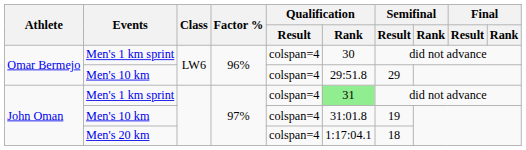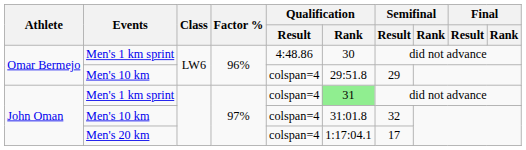 <table class="wikitable" style="font-size:90%">
 <tr>
 <th rowspan=2>Athlete</th>
 <th rowspan=2>Events</th>
 <th rowspan=2>Class</th>
 <th rowspan=2>Factor %</th>
 <th colspan=2>Qualification</th>
 <th colspan=2>Semifinal</th>
 <th colspan=2>Final</th>
 </tr>
 <tr>
 <th>Result</th>
 <th>Rank</th>
 <th>Result</th>
 <th>Rank</th>
 <th>Result</th>
 <th>Rank</th>
 </tr>
 <tr>
 <td rowspan=2><a href='#'>Omar Bermejo</a></td>
 <td><a href='#'>Men's 1 km sprint</a></td>
 <td align=center rowspan=2>LW6</td>
 <td align=center rowspan=2>96%</td>
-<td>colspan=4 </td>
+<td align=center>4:48.86</td>
 <td align=center>30</td>
 <td align=center colspan=4>did not advance</td>
 </tr>
 <tr>
 <td><a href='#'>Men's 10 km</a></td>
 <td>colspan=4 </td>
 <td align=center>29:51.8</td>
 <td align=center>29</td>
 </tr>
 <tr>
 <td rowspan=3><a href='#'>John Oman</a></td>
 <td><a href='#'>Men's 1 km sprint</a></td>
 <td align=center rowspan=3></td>
 <td align=center rowspan=3>97%</td>
 <td>colspan=4 </td>
 <td align=center style="background: lightgreen;">31</td>
 <td align=center colspan=4>did not advance</td>
 </tr>
 <tr>
 <td><a href='#'>Men's 10 km</a></td>
 <td>colspan=4 </td>
 <td align=center>31:01.8</td>
-<td align=center>19</td>
+<td align=center>32</td>
 </tr>
 <tr>
 <td><a href='#'>Men's 20 km</a></td>
 <td>colspan=4 </td>
 <td align=center>1:17:04.1</td>
-<td align=center>18</td>
+<td align=center>17</td>
 </tr>
 </table>
